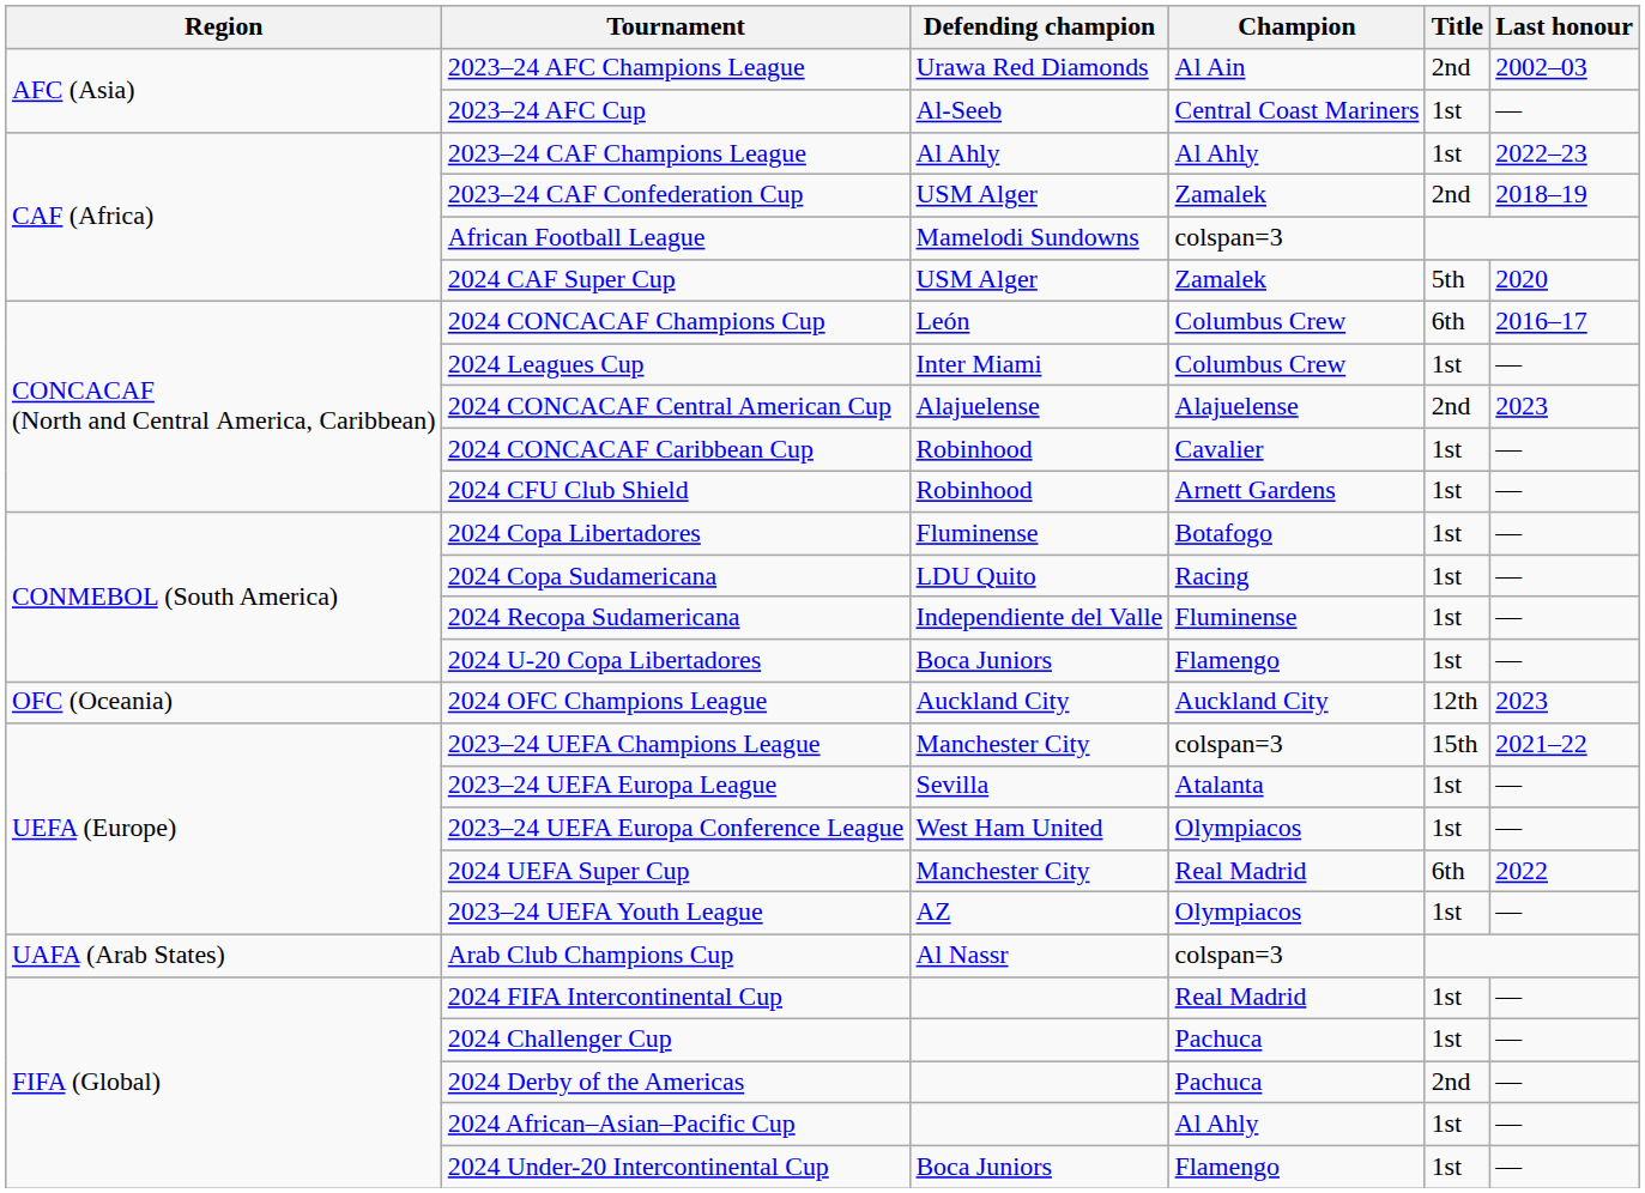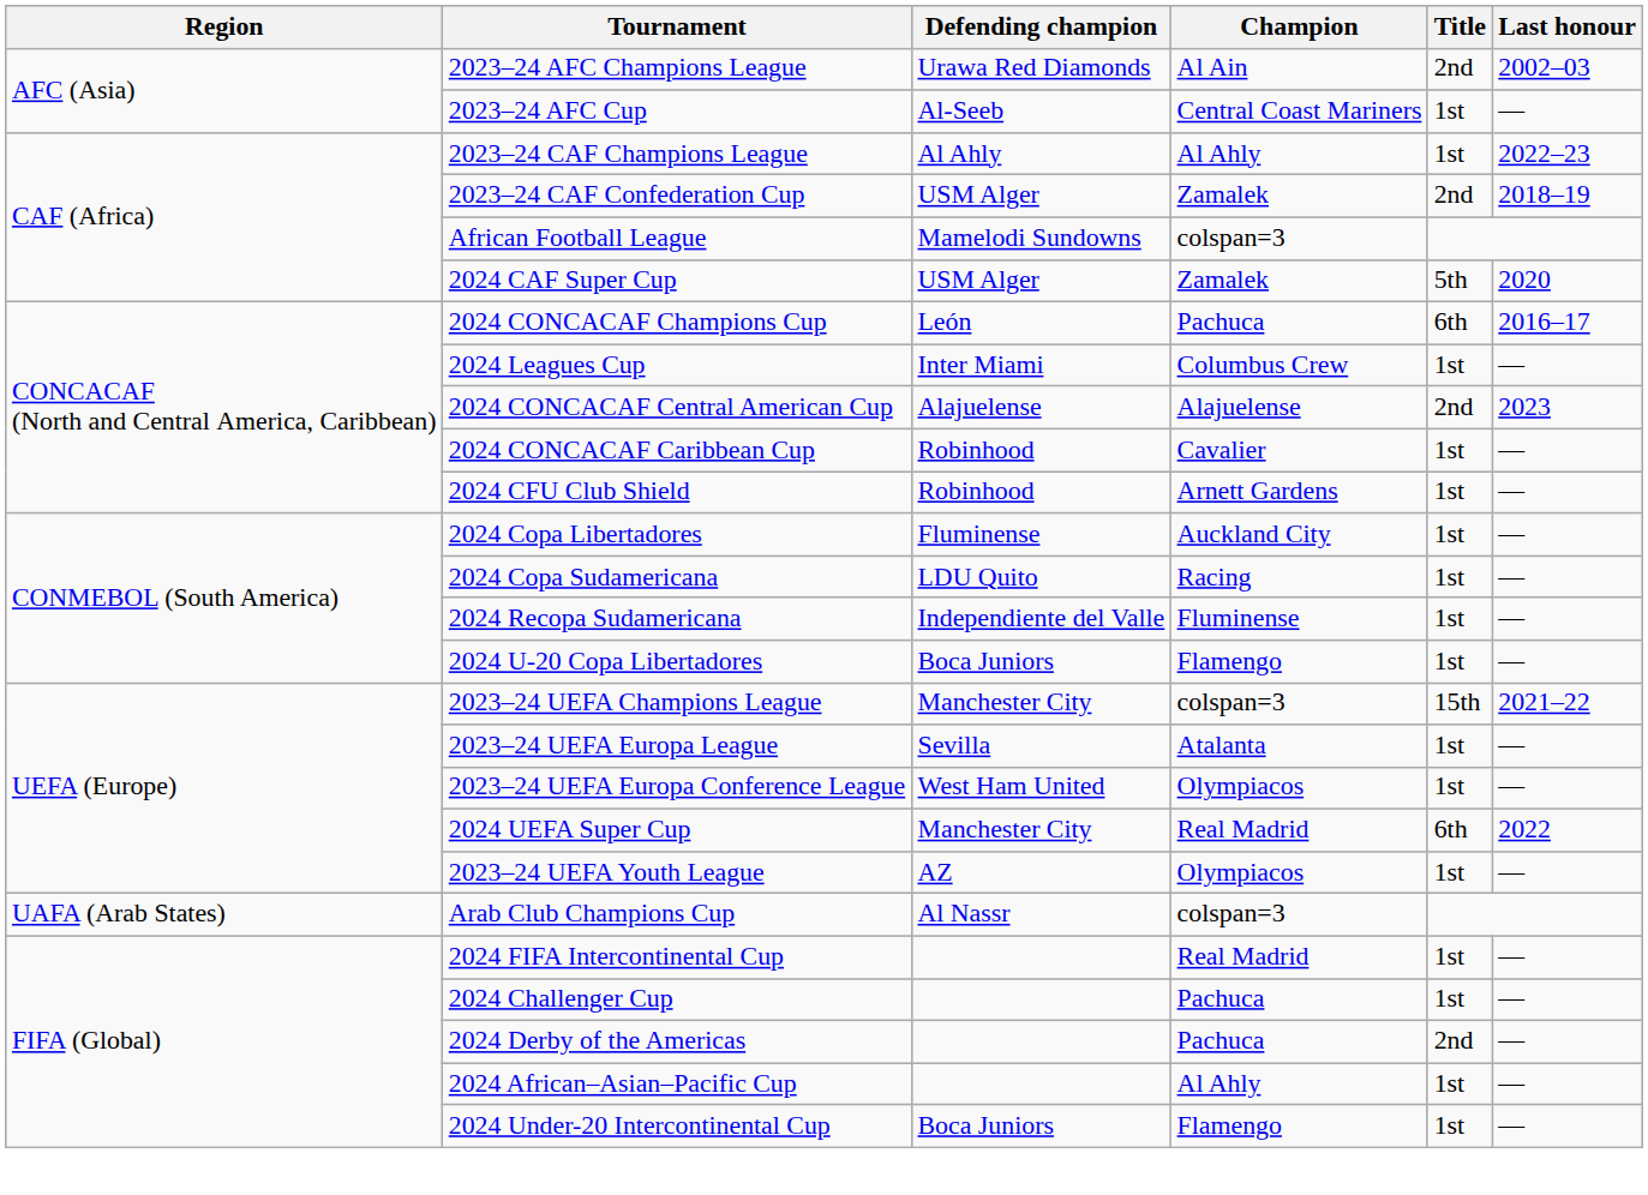 <table class=wikitable style="font-size:14px">
 <tr>
 <th>Region</th>
 <th>Tournament</th>
 <th>Defending champion</th>
 <th>Champion</th>
 <th>Title</th>
 <th>Last honour</th>
 </tr>
 <tr>
 <td rowspan=2><a href='#'>AFC</a> (Asia)</td>
 <td><a href='#'>2023–24 AFC Champions League</a></td>
 <td> <a href='#'>Urawa Red Diamonds</a></td>
 <td> <a href='#'>Al Ain</a></td>
 <td>2nd</td>
 <td><a href='#'>2002–03</a></td>
 </tr>
 <tr>
 <td><a href='#'>2023–24 AFC Cup</a></td>
 <td> <a href='#'>Al-Seeb</a></td>
 <td> <a href='#'>Central Coast Mariners</a></td>
 <td>1st</td>
 <td>—</td>
 </tr>
 <tr>
 <td rowspan=4><a href='#'>CAF</a> (Africa)</td>
 <td><a href='#'>2023–24 CAF Champions League</a></td>
 <td> <a href='#'>Al Ahly</a></td>
 <td> <a href='#'>Al Ahly</a></td>
 <td>1st</td>
 <td><a href='#'>2022–23</a></td>
 </tr>
 <tr>
 <td><a href='#'>2023–24 CAF Confederation Cup</a></td>
 <td> <a href='#'>USM Alger</a></td>
 <td> <a href='#'>Zamalek</a></td>
 <td>2nd</td>
 <td><a href='#'>2018–19</a></td>
 </tr>
 <tr>
 <td><a href='#'>African Football League</a></td>
 <td> <a href='#'>Mamelodi Sundowns</a></td>
 <td>colspan=3 </td>
 </tr>
 <tr>
 <td><a href='#'>2024 CAF Super Cup</a></td>
 <td> <a href='#'>USM Alger</a></td>
 <td> <a href='#'>Zamalek</a></td>
 <td>5th</td>
 <td><a href='#'>2020</a></td>
 </tr>
 <tr>
 <td rowspan=5><a href='#'>CONCACAF</a><br>(North and Central America, Caribbean)</td>
 <td><a href='#'>2024 CONCACAF Champions Cup</a></td>
 <td> <a href='#'>León</a></td>
-<td> <a href='#'>Columbus Crew</a></td>
+<td> <a href='#'>Pachuca</a></td>
 <td>6th</td>
 <td><a href='#'>2016–17</a></td>
 </tr>
 <tr>
 <td><a href='#'>2024 Leagues Cup</a></td>
 <td> <a href='#'>Inter Miami</a></td>
 <td> <a href='#'>Columbus Crew</a></td>
 <td>1st</td>
 <td>—</td>
 </tr>
 <tr>
 <td><a href='#'>2024 CONCACAF Central American Cup</a></td>
 <td> <a href='#'>Alajuelense</a></td>
 <td> <a href='#'>Alajuelense</a></td>
 <td>2nd</td>
 <td><a href='#'>2023</a></td>
 </tr>
 <tr>
 <td><a href='#'>2024 CONCACAF Caribbean Cup</a></td>
 <td> <a href='#'>Robinhood</a></td>
 <td> <a href='#'>Cavalier</a></td>
 <td>1st</td>
 <td>—</td>
 </tr>
 <tr>
 <td><a href='#'>2024 CFU Club Shield</a></td>
 <td> <a href='#'>Robinhood</a></td>
 <td> <a href='#'>Arnett Gardens</a></td>
 <td>1st</td>
 <td>—</td>
 </tr>
 <tr>
 <td rowspan=4><a href='#'>CONMEBOL</a> (South America)</td>
 <td><a href='#'>2024 Copa Libertadores</a></td>
 <td> <a href='#'>Fluminense</a></td>
-<td> <a href='#'>Botafogo</a></td>
+<td> <a href='#'>Auckland City</a></td>
 <td>1st</td>
 <td>—</td>
 </tr>
 <tr>
 <td><a href='#'>2024 Copa Sudamericana</a></td>
 <td> <a href='#'>LDU Quito</a></td>
 <td> <a href='#'>Racing</a></td>
 <td>1st</td>
 <td>—</td>
 </tr>
 <tr>
 <td><a href='#'>2024 Recopa Sudamericana</a></td>
 <td> <a href='#'>Independiente del Valle</a></td>
 <td> <a href='#'>Fluminense</a></td>
 <td>1st</td>
 <td>—</td>
 </tr>
 <tr>
 <td><a href='#'>2024 U-20 Copa Libertadores</a></td>
 <td> <a href='#'>Boca Juniors</a></td>
 <td> <a href='#'>Flamengo</a></td>
 <td>1st</td>
 <td>—</td>
-</tr>
-<tr>
-<td><a href='#'>OFC</a> (Oceania)</td>
-<td><a href='#'>2024 OFC Champions League</a></td>
-<td> <a href='#'>Auckland City</a></td>
-<td> <a href='#'>Auckland City</a></td>
-<td>12th</td>
-<td><a href='#'>2023</a></td>
 </tr>
 <tr>
 <td rowspan=5><a href='#'>UEFA</a> (Europe)</td>
 <td><a href='#'>2023–24 UEFA Champions League</a></td>
 <td> <a href='#'>Manchester City</a></td>
 <td>colspan=3 </td>
 <td>15th</td>
 <td><a href='#'>2021–22</a></td>
 </tr>
 <tr>
 <td><a href='#'>2023–24 UEFA Europa League</a></td>
 <td> <a href='#'>Sevilla</a></td>
 <td> <a href='#'>Atalanta</a></td>
 <td>1st</td>
 <td>—</td>
 </tr>
 <tr>
 <td><a href='#'>2023–24 UEFA Europa Conference League</a></td>
 <td> <a href='#'>West Ham United</a></td>
 <td> <a href='#'>Olympiacos</a></td>
 <td>1st</td>
 <td>—</td>
 </tr>
 <tr>
 <td><a href='#'>2024 UEFA Super Cup</a></td>
 <td> <a href='#'>Manchester City</a></td>
 <td> <a href='#'>Real Madrid</a></td>
 <td>6th</td>
 <td><a href='#'>2022</a></td>
 </tr>
 <tr>
 <td><a href='#'>2023–24 UEFA Youth League</a></td>
 <td> <a href='#'>AZ</a></td>
 <td> <a href='#'>Olympiacos</a></td>
 <td>1st</td>
 <td>—</td>
 </tr>
 <tr>
 <td><a href='#'>UAFA</a> (Arab States)</td>
 <td><a href='#'>Arab Club Champions Cup</a></td>
 <td> <a href='#'>Al Nassr</a></td>
 <td>colspan=3 </td>
 </tr>
 <tr>
 <td rowspan=5><a href='#'>FIFA</a> (Global)</td>
 <td><a href='#'>2024 FIFA Intercontinental Cup</a></td>
 <td></td>
 <td> <a href='#'>Real Madrid</a></td>
 <td>1st</td>
 <td>—</td>
 </tr>
 <tr>
 <td><a href='#'>2024 Challenger Cup</a></td>
 <td></td>
 <td> <a href='#'>Pachuca</a></td>
 <td>1st</td>
 <td>—</td>
 </tr>
 <tr>
 <td><a href='#'>2024 Derby of the Americas</a></td>
 <td></td>
 <td> <a href='#'>Pachuca</a></td>
 <td>2nd</td>
 <td>—</td>
 </tr>
 <tr>
 <td><a href='#'>2024 African–Asian–Pacific Cup</a></td>
 <td></td>
 <td> <a href='#'>Al Ahly</a></td>
 <td>1st</td>
 <td>—</td>
 </tr>
 <tr>
 <td><a href='#'>2024 Under-20 Intercontinental Cup</a></td>
 <td> <a href='#'>Boca Juniors</a></td>
 <td> <a href='#'>Flamengo</a></td>
 <td>1st</td>
 <td>—</td>
 </tr>
 </table>
